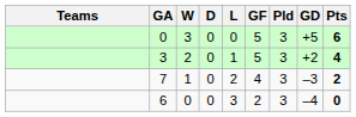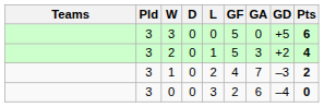 <table class="wikitable" style="text-align: center;">
 <tr>
 <th width=165>Teams</th>
-<th width=20>GA</th>
+<th width=20>Pld</th>
 <th width=20>W</th>
 <th width=20>D</th>
 <th width=20>L</th>
 <th width=20>GF</th>
-<th width=20>Pld</th>
+<th width=20>GA</th>
 <th width=20>GD</th>
 <th width=20>Pts</th>
 </tr>
 <tr align=center style="background:#ccffcc;">
 <td style="text-align:left;"></td>
-<td>0</td>
+<td>3</td>
 <td>3</td>
 <td>0</td>
 <td>0</td>
 <td>5</td>
-<td>3</td>
+<td>0</td>
 <td>+5</td>
 <td><strong>6</strong></td>
 </tr>
 <tr align=center style="background:#ccffcc;">
 <td style="text-align:left;"></td>
 <td>3</td>
 <td>2</td>
 <td>0</td>
 <td>1</td>
 <td>5</td>
 <td>3</td>
 <td>+2</td>
 <td><strong>4</strong></td>
 </tr>
 <tr align=center>
 <td style="text-align:left;"></td>
-<td>7</td>
+<td>3</td>
 <td>1</td>
 <td>0</td>
 <td>2</td>
 <td>4</td>
-<td>3</td>
+<td>7</td>
 <td>–3</td>
 <td><strong>2</strong></td>
 </tr>
 <tr align=center>
 <td style="text-align:left;"></td>
-<td>6</td>
+<td>3</td>
 <td>0</td>
 <td>0</td>
 <td>3</td>
 <td>2</td>
-<td>3</td>
+<td>6</td>
 <td>–4</td>
 <td><strong>0</strong></td>
 </tr>
 </table>
